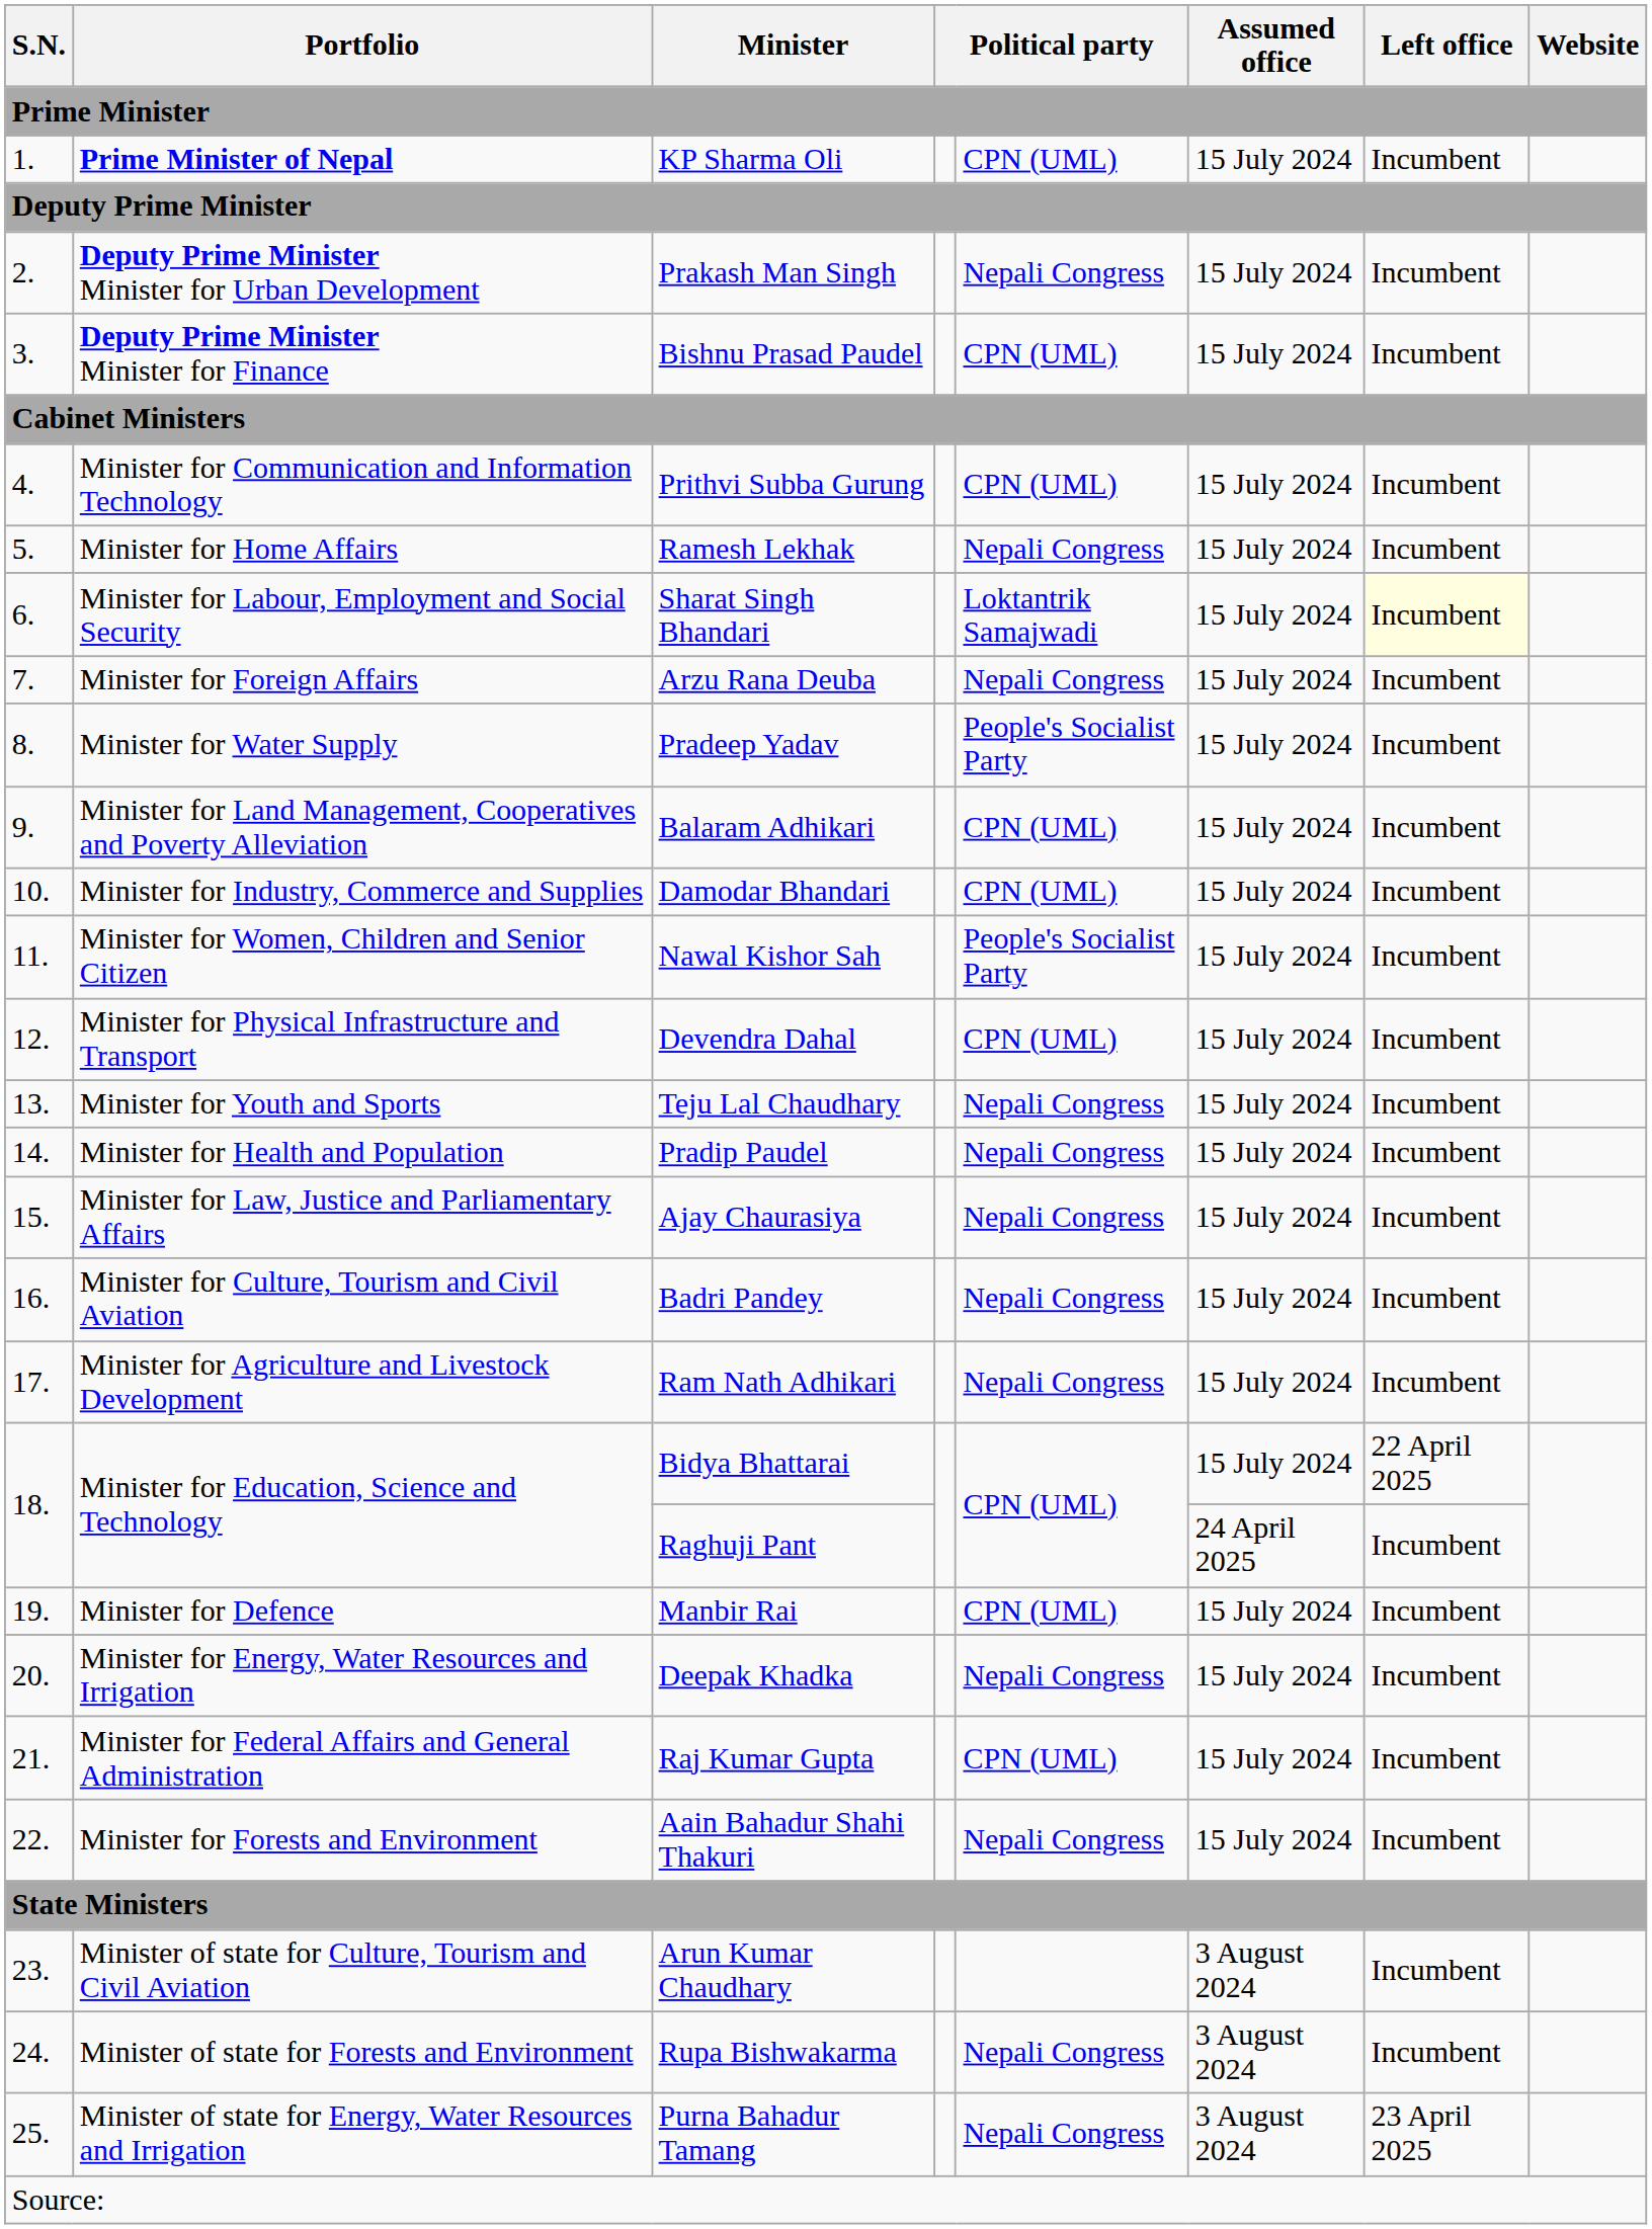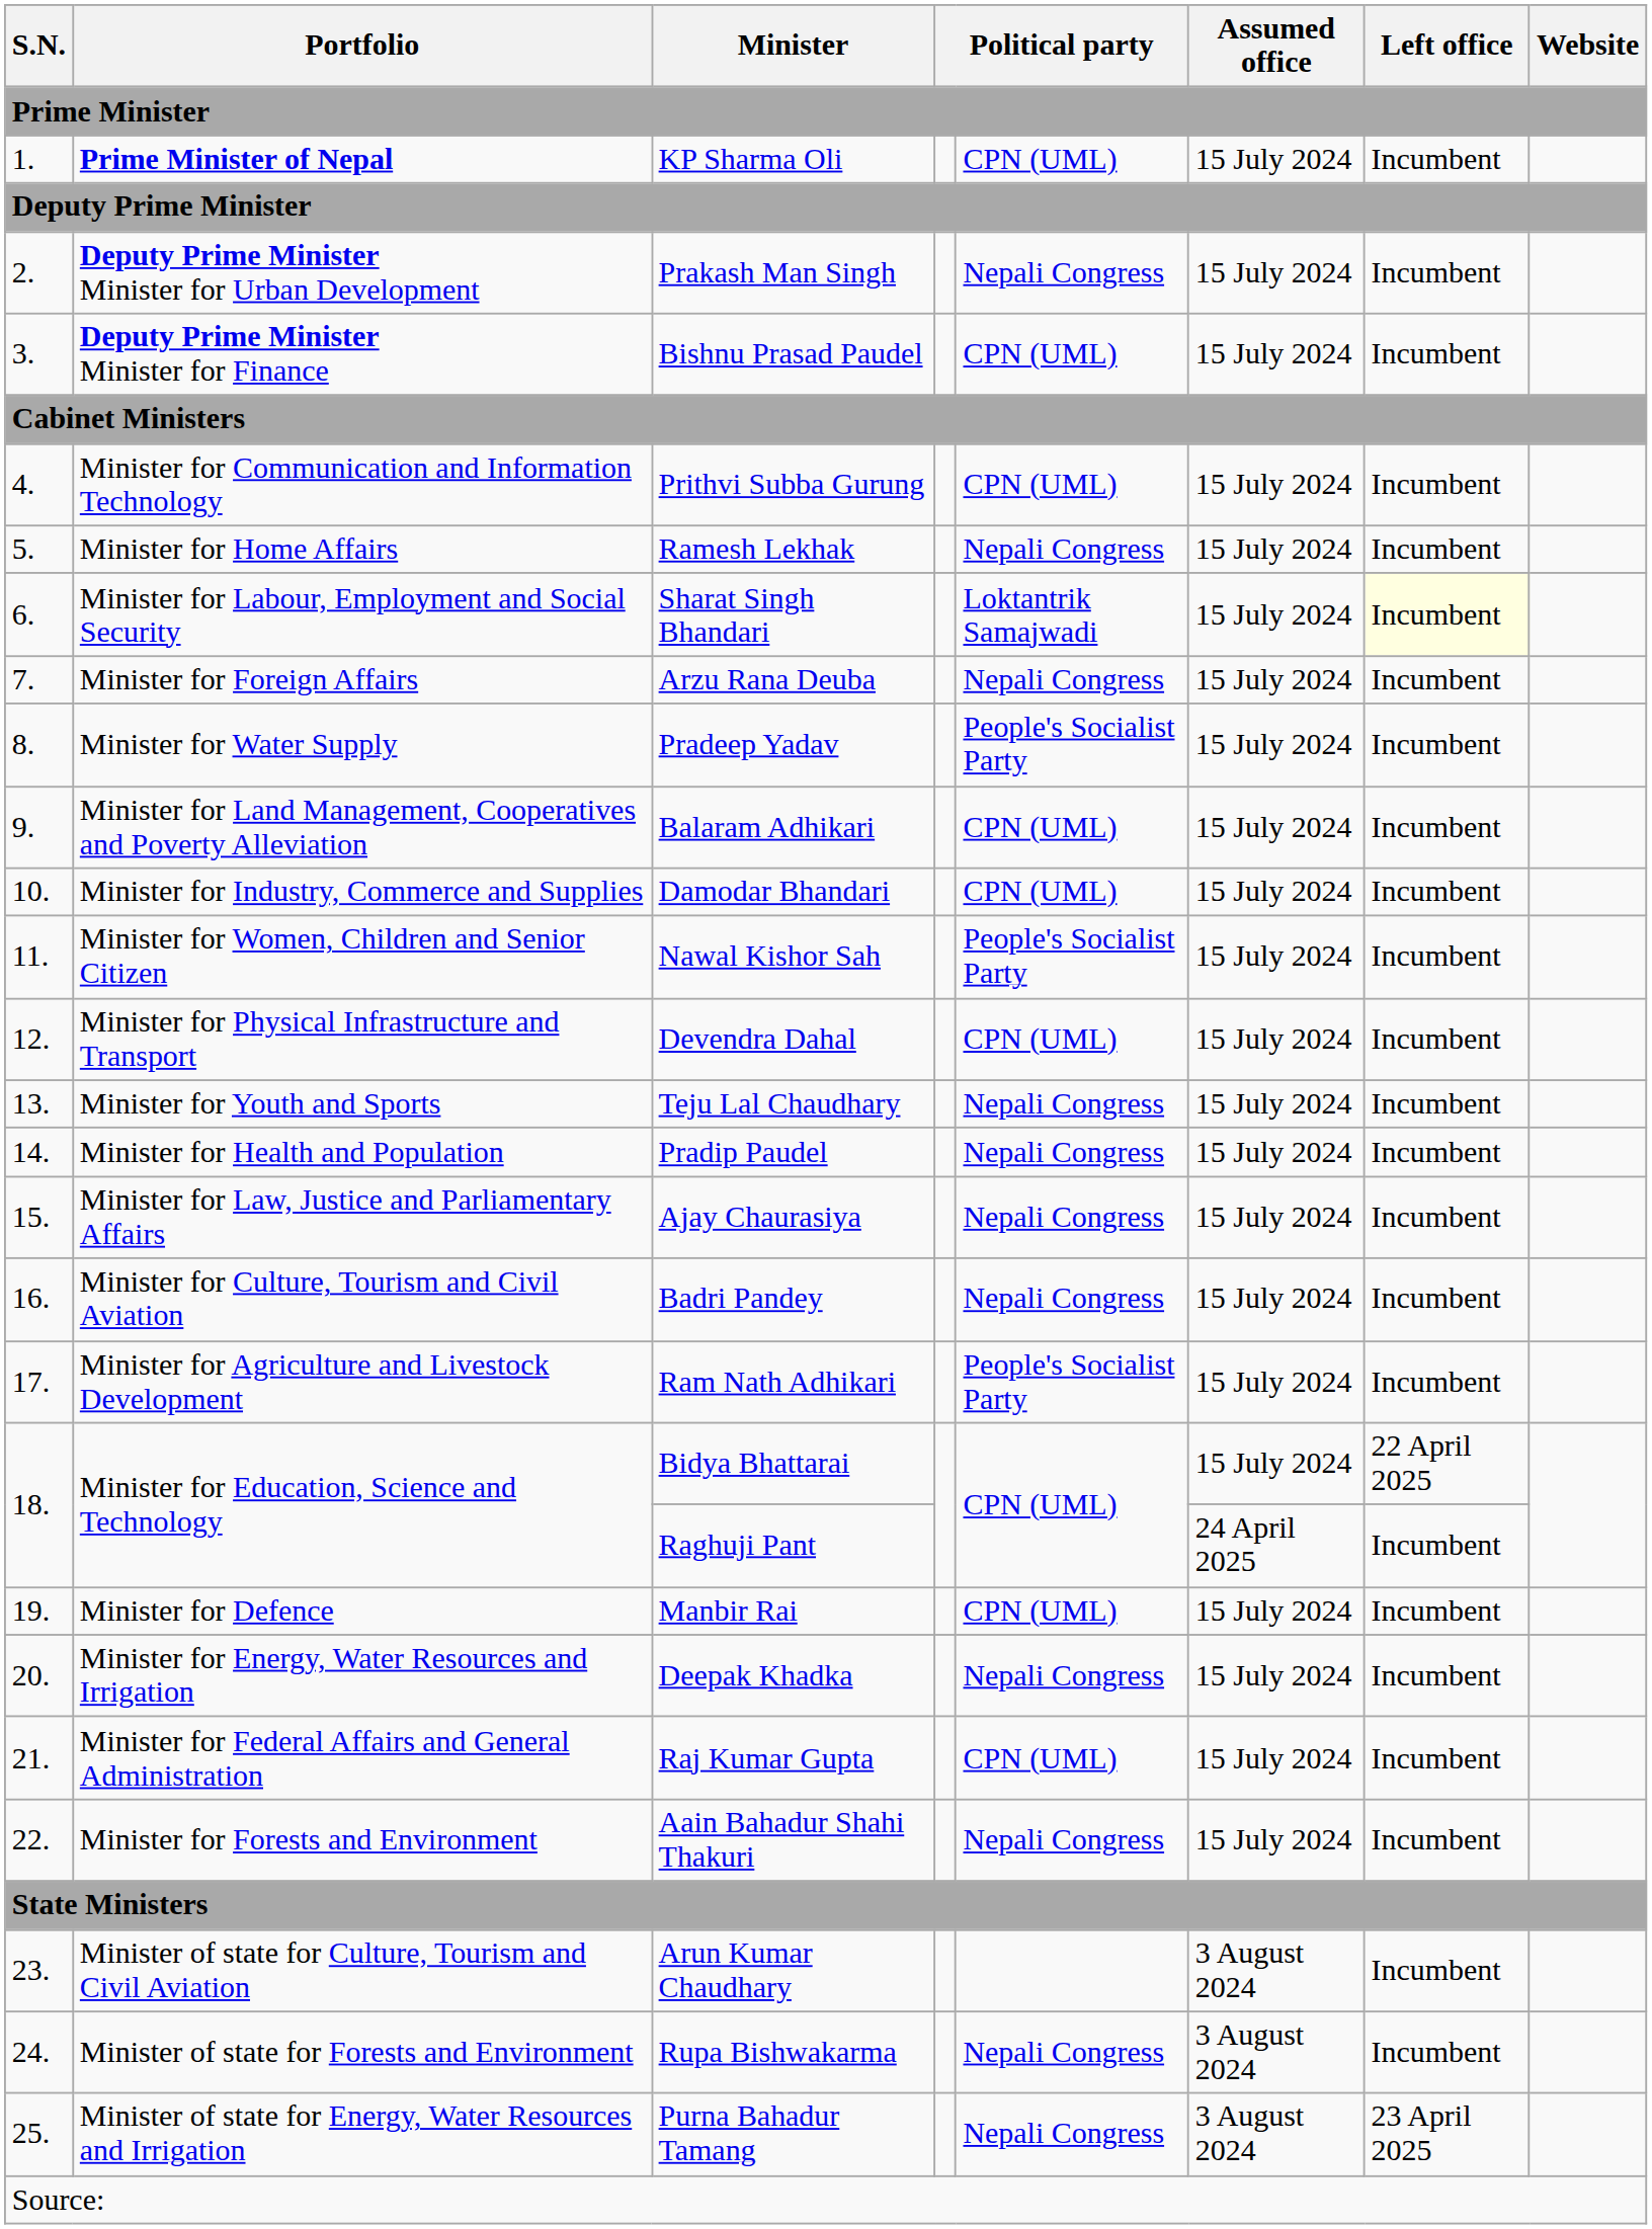 <table class="wikitable mw-collapsible">
 <tr>
 <th>S.N.</th>
 <th>Portfolio</th>
 <th>Minister</th>
 <th colspan="2">Political party</th>
 <th>Assumed office</th>
 <th>Left office</th>
 <th>Website</th>
 </tr>
 <tr>
 <td colspan="8" bgcolor="darkgrey"><strong>Prime Minister</strong></td>
 </tr>
 <tr>
 <td>1.</td>
 <td><strong><a href='#'>Prime Minister of Nepal</a></strong></td>
 <td><a href='#'>KP Sharma Oli</a></td>
 <td width="4px"></td>
 <td><a href='#'>CPN (UML)</a></td>
 <td>15 July 2024</td>
 <td>Incumbent</td>
 <td></td>
 </tr>
 <tr>
 <td colspan="8" bgcolor="darkgrey"><strong>Deputy Prime Minister</strong></td>
 </tr>
 <tr>
 <td>2.</td>
 <td><strong><a href='#'>Deputy Prime Minister</a></strong><br>Minister for <a href='#'>Urban Development</a></td>
 <td><a href='#'>Prakash Man Singh</a></td>
 <td width="4px"></td>
 <td><a href='#'>Nepali Congress</a></td>
 <td>15 July 2024</td>
 <td>Incumbent</td>
 <td></td>
 </tr>
 <tr>
 <td>3.</td>
 <td><strong><a href='#'>Deputy Prime Minister</a></strong><br>Minister for <a href='#'>Finance</a></td>
 <td><a href='#'>Bishnu Prasad Paudel</a></td>
 <td width="4px"></td>
 <td><a href='#'>CPN (UML)</a></td>
 <td>15 July 2024</td>
 <td>Incumbent</td>
 <td></td>
 </tr>
 <tr>
 <td colspan="8" bgcolor="darkgrey"><strong>Cabinet Ministers</strong></td>
 </tr>
 <tr>
 <td>4.</td>
 <td>Minister for <a href='#'>Communication and Information Technology</a></td>
 <td><a href='#'>Prithvi Subba Gurung</a></td>
 <td width="4px"></td>
 <td><a href='#'>CPN (UML)</a></td>
 <td>15 July 2024</td>
 <td>Incumbent</td>
 <td></td>
 </tr>
 <tr>
 <td>5.</td>
 <td>Minister for <a href='#'>Home Affairs</a></td>
 <td><a href='#'>Ramesh Lekhak</a></td>
 <td width="4px"></td>
 <td><a href='#'>Nepali Congress</a></td>
 <td>15 July 2024</td>
 <td>Incumbent</td>
 <td></td>
 </tr>
 <tr>
 <td>6.</td>
 <td>Minister for <a href='#'>Labour, Employment and Social Security</a></td>
 <td><a href='#'>Sharat Singh Bhandari</a></td>
 <td width="4px"></td>
 <td><a href='#'>Loktantrik Samajwadi</a></td>
 <td>15 July 2024</td>
 <td style="background: lightyellow;">Incumbent</td>
 <td></td>
 </tr>
 <tr>
 <td>7.</td>
 <td>Minister for <a href='#'>Foreign Affairs</a></td>
 <td><a href='#'>Arzu Rana Deuba</a></td>
 <td width="4px"></td>
 <td><a href='#'>Nepali Congress</a></td>
 <td>15 July 2024</td>
 <td>Incumbent</td>
 <td></td>
 </tr>
 <tr>
 <td>8.</td>
 <td>Minister for <a href='#'>Water Supply</a></td>
 <td><a href='#'>Pradeep Yadav</a></td>
 <td></td>
 <td><a href='#'>People's Socialist Party</a></td>
 <td>15 July 2024</td>
 <td>Incumbent</td>
 <td></td>
 </tr>
 <tr>
 <td>9.</td>
 <td>Minister for <a href='#'>Land Management, Cooperatives and Poverty Alleviation</a></td>
 <td><a href='#'>Balaram Adhikari</a></td>
 <td width="4px"></td>
 <td><a href='#'>CPN (UML)</a></td>
 <td>15 July 2024</td>
 <td>Incumbent</td>
 <td></td>
 </tr>
 <tr>
 <td>10.</td>
 <td>Minister for <a href='#'>Industry, Commerce and Supplies</a></td>
 <td><a href='#'>Damodar Bhandari</a></td>
 <td width="4px"></td>
 <td><a href='#'>CPN (UML)</a></td>
 <td>15 July 2024</td>
 <td>Incumbent</td>
 <td></td>
 </tr>
 <tr>
 <td>11.</td>
 <td>Minister for <a href='#'>Women, Children and Senior Citizen</a></td>
 <td><a href='#'>Nawal Kishor Sah</a></td>
 <td></td>
 <td><a href='#'>People's Socialist Party</a></td>
 <td>15 July 2024</td>
 <td>Incumbent</td>
 <td></td>
 </tr>
 <tr>
 <td>12.</td>
 <td>Minister for <a href='#'>Physical Infrastructure and Transport</a></td>
 <td><a href='#'>Devendra Dahal</a></td>
 <td width="4px"></td>
 <td><a href='#'>CPN (UML)</a></td>
 <td>15 July 2024</td>
 <td>Incumbent</td>
 <td></td>
 </tr>
 <tr>
 <td>13.</td>
 <td>Minister for <a href='#'>Youth and Sports</a></td>
 <td><a href='#'>Teju Lal Chaudhary</a></td>
 <td width="4px"></td>
 <td><a href='#'>Nepali Congress</a></td>
 <td>15 July 2024</td>
 <td>Incumbent</td>
 <td></td>
 </tr>
 <tr>
 <td>14.</td>
 <td>Minister for <a href='#'>Health and Population</a></td>
 <td><a href='#'>Pradip Paudel</a></td>
 <td width="4px"></td>
 <td><a href='#'>Nepali Congress</a></td>
 <td>15 July 2024</td>
 <td>Incumbent</td>
 <td></td>
 </tr>
 <tr>
 <td>15.</td>
 <td>Minister for <a href='#'>Law, Justice and Parliamentary Affairs</a></td>
 <td><a href='#'>Ajay Chaurasiya</a></td>
 <td width="4px"></td>
 <td><a href='#'>Nepali Congress</a></td>
 <td>15 July 2024</td>
 <td>Incumbent</td>
 <td></td>
 </tr>
 <tr>
 <td>16.</td>
 <td>Minister for <a href='#'>Culture, Tourism and Civil Aviation</a></td>
 <td><a href='#'>Badri Pandey</a></td>
 <td width="4px"></td>
 <td><a href='#'>Nepali Congress</a></td>
 <td>15 July 2024</td>
 <td>Incumbent</td>
 <td></td>
 </tr>
 <tr>
 <td>17.</td>
 <td>Minister for <a href='#'>Agriculture and Livestock Development</a></td>
 <td><a href='#'>Ram Nath Adhikari</a></td>
 <td width="4px"></td>
-<td><a href='#'>Nepali Congress</a></td>
+<td><a href='#'>People's Socialist Party</a></td>
 <td>15 July 2024</td>
 <td>Incumbent</td>
 <td></td>
 </tr>
 <tr>
 <td rowspan="2">18.</td>
 <td rowspan="2">Minister for <a href='#'>Education, Science and Technology</a></td>
 <td><a href='#'>Bidya Bhattarai</a></td>
 <td rowspan="2" width="4px"></td>
 <td rowspan="2"><a href='#'>CPN (UML)</a></td>
 <td>15 July 2024</td>
 <td>22 April 2025</td>
 <td rowspan="2"></td>
 </tr>
 <tr>
 <td><a href='#'>Raghuji Pant</a></td>
 <td>24 April 2025</td>
 <td>Incumbent</td>
 </tr>
 <tr>
 <td>19.</td>
 <td>Minister for <a href='#'>Defence</a></td>
 <td><a href='#'>Manbir Rai</a></td>
 <td width="4px"></td>
 <td><a href='#'>CPN (UML)</a></td>
 <td>15 July 2024</td>
 <td>Incumbent</td>
 <td></td>
 </tr>
 <tr>
 <td>20.</td>
 <td>Minister for <a href='#'>Energy, Water Resources and Irrigation</a></td>
 <td><a href='#'>Deepak Khadka</a></td>
 <td width="4px"></td>
 <td><a href='#'>Nepali Congress</a></td>
 <td>15 July 2024</td>
 <td>Incumbent</td>
 <td></td>
 </tr>
 <tr>
 <td>21.</td>
 <td>Minister for <a href='#'>Federal Affairs and General Administration</a></td>
 <td><a href='#'>Raj Kumar Gupta</a></td>
 <td width="4px"></td>
 <td><a href='#'>CPN (UML)</a></td>
 <td>15 July 2024</td>
 <td>Incumbent</td>
 <td></td>
 </tr>
 <tr>
 <td>22.</td>
 <td>Minister for <a href='#'>Forests and Environment</a></td>
 <td><a href='#'>Aain Bahadur Shahi Thakuri</a></td>
 <td width="4px"></td>
 <td><a href='#'>Nepali Congress</a></td>
 <td>15 July 2024</td>
 <td>Incumbent</td>
 <td></td>
 </tr>
 <tr>
 <td colspan="8" bgcolor="darkgrey"><strong>State Ministers</strong></td>
 </tr>
 <tr>
 <td>23.</td>
 <td>Minister of state for <a href='#'>Culture, Tourism and Civil Aviation</a></td>
 <td><a href='#'>Arun Kumar Chaudhary</a></td>
 <td></td>
 <td></td>
 <td>3 August 2024</td>
 <td>Incumbent</td>
 <td></td>
 </tr>
 <tr>
 <td>24.</td>
 <td>Minister of state for <a href='#'>Forests and Environment</a></td>
 <td><a href='#'>Rupa Bishwakarma</a></td>
 <td width="4px"></td>
 <td><a href='#'>Nepali Congress</a></td>
 <td>3 August 2024</td>
 <td>Incumbent</td>
 <td></td>
 </tr>
 <tr>
 <td>25.</td>
 <td>Minister of state for <a href='#'>Energy, Water Resources and Irrigation</a></td>
 <td><a href='#'>Purna Bahadur Tamang</a></td>
 <td width="4px"></td>
 <td><a href='#'>Nepali Congress</a></td>
 <td>3 August 2024</td>
 <td>23 April 2025</td>
 <td></td>
 </tr>
 <tr>
 <td colspan="8">Source:</td>
 </tr>
 </table>
